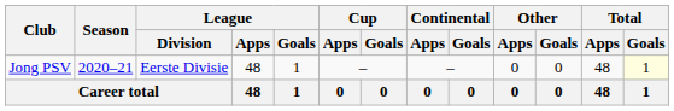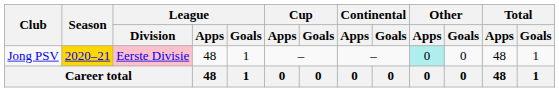 <table class="wikitable" style="text-align:center">
 <tr>
 <th rowspan="2">Club</th>
 <th rowspan="2">Season</th>
 <th colspan="3">League</th>
 <th colspan="2">Cup</th>
 <th colspan="2">Continental</th>
 <th colspan="2">Other</th>
 <th colspan="2">Total</th>
 </tr>
 <tr>
 <th>Division</th>
 <th>Apps</th>
 <th>Goals</th>
 <th>Apps</th>
 <th>Goals</th>
 <th>Apps</th>
 <th>Goals</th>
 <th>Apps</th>
 <th>Goals</th>
 <th>Apps</th>
 <th>Goals</th>
 </tr>
 <tr>
 <td><a href='#'>Jong PSV</a></td>
-<td><a href='#'>2020–21</a></td>
-<td><a href='#'>Eerste Divisie</a></td>
+<td style="background: gold;"><a href='#'>2020–21</a></td>
+<td style="background: pink;"><a href='#'>Eerste Divisie</a></td>
 <td>48</td>
 <td>1</td>
 <td colspan="2">–</td>
 <td colspan="2">–</td>
-<td>0</td>
+<td style="background: paleturquoise;">0</td>
 <td>0</td>
 <td>48</td>
-<td style="background: lightyellow;">1</td>
+<td>1</td>
 </tr>
 <tr>
 <th colspan="3">Career total</th>
 <th>48</th>
 <th>1</th>
 <th>0</th>
 <th>0</th>
 <th>0</th>
 <th>0</th>
 <th>0</th>
 <th>0</th>
 <th>48</th>
 <th>1</th>
 </tr>
 </table>
